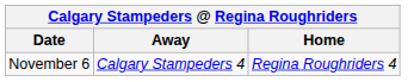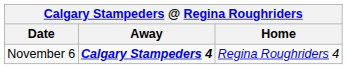 <table class="wikitable">
 <tr>
 <th colspan="4"><a href='#'>Calgary Stampeders</a> @ <a href='#'>Regina Roughriders</a></th>
 </tr>
 <tr>
 <th>Date</th>
 <th>Away</th>
 <th>Home</th>
 </tr>
 <tr>
 <td>November 6</td>
-<td><em><a href='#'>Calgary Stampeders</a> 4</em></td>
+<td><strong><em><a href='#'>Calgary Stampeders</a> 4</em></strong></td>
 <td><em><a href='#'>Regina Roughriders</a> 4</em></td>
 </tr>
 </table>
